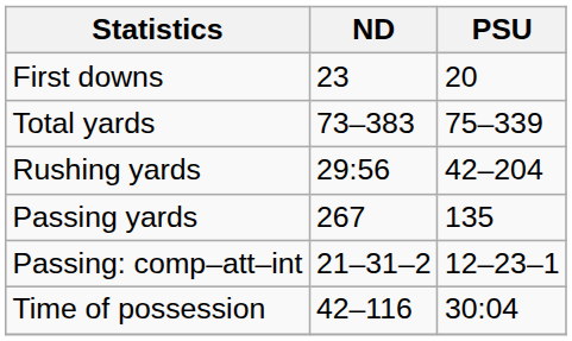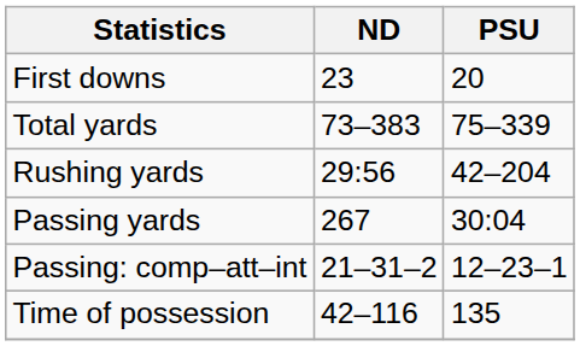 <table class="wikitable" style="float: left;">
 <tr>
 <th>Statistics</th>
 <th>ND</th>
 <th>PSU</th>
 </tr>
 <tr>
 <td>First downs</td>
 <td>23</td>
 <td>20</td>
 </tr>
 <tr>
 <td>Total yards</td>
 <td>73–383</td>
 <td>75–339</td>
 </tr>
 <tr>
 <td>Rushing yards</td>
 <td>29:56</td>
 <td>42–204</td>
 </tr>
 <tr>
 <td>Passing yards</td>
 <td>267</td>
-<td>135</td>
+<td>30:04</td>
 </tr>
 <tr>
 <td>Passing: comp–att–int</td>
 <td>21–31–2</td>
 <td>12–23–1</td>
 </tr>
 <tr>
 <td>Time of possession</td>
 <td>42–116</td>
-<td>30:04</td>
+<td>135</td>
 </tr>
 <tr>
 </tr>
 </table>
